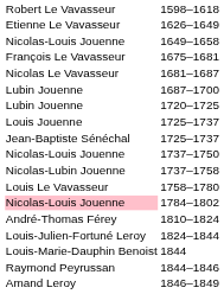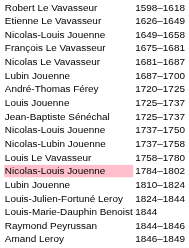 <table>
 <tr>
 <td>Robert Le Vavasseur</td>
 <td>1598–1618</td>
 </tr>
 <tr>
 <td>Etienne Le Vavasseur</td>
 <td>1626–1649</td>
 </tr>
 <tr>
 <td>Nicolas-Louis Jouenne</td>
 <td>1649–1658</td>
 </tr>
 <tr>
 <td>François Le Vavasseur</td>
 <td>1675–1681</td>
 </tr>
 <tr>
 <td>Nicolas Le Vavasseur</td>
 <td>1681–1687</td>
 </tr>
 <tr>
 <td>Lubin Jouenne</td>
 <td>1687–1700</td>
 </tr>
 <tr>
-<td>Lubin Jouenne</td>
+<td>André-Thomas Férey</td>
 <td>1720–1725</td>
 </tr>
 <tr>
 <td>Louis Jouenne</td>
 <td>1725–1737</td>
 </tr>
 <tr>
 <td>Jean-Baptiste Sénéchal</td>
 <td>1725–1737</td>
 </tr>
 <tr>
 <td>Nicolas-Louis Jouenne</td>
 <td>1737–1750</td>
 </tr>
 <tr>
 <td>Nicolas-Lubin Jouenne</td>
 <td>1737–1758</td>
 </tr>
 <tr>
 <td>Louis Le Vavasseur</td>
 <td>1758–1780</td>
 </tr>
 <tr>
 <td style="background: pink;">Nicolas-Louis Jouenne</td>
 <td>1784–1802</td>
 </tr>
 <tr>
-<td>André-Thomas Férey</td>
+<td>Lubin Jouenne</td>
 <td>1810–1824</td>
 </tr>
 <tr>
 <td>Louis-Julien-Fortuné Leroy</td>
 <td>1824–1844</td>
 </tr>
 <tr>
 <td>Louis-Marie-Dauphin Benoist</td>
 <td>1844</td>
 </tr>
 <tr>
 <td>Raymond Peyrussan</td>
 <td>1844–1846</td>
 </tr>
 <tr>
 <td>Amand Leroy</td>
 <td>1846–1849</td>
 </tr>
 </table>
